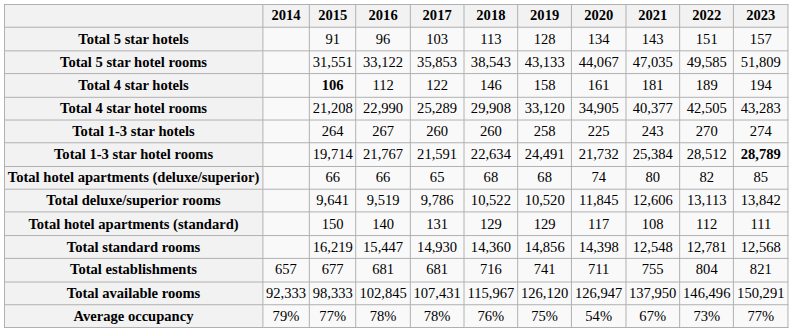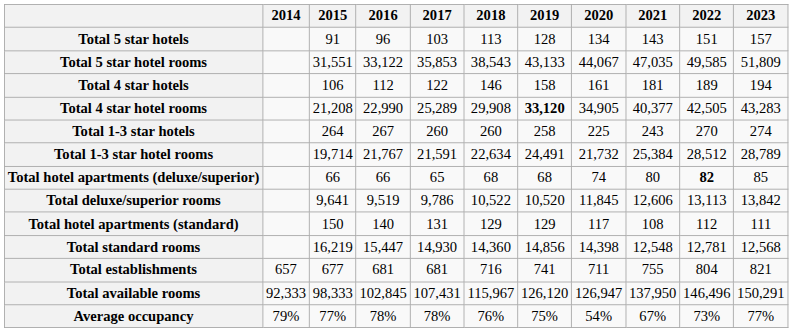 <table class="wikitable" style="float:center; text-align:center;">
 <tr>
 <th></th>
 <th>2014</th>
 <th>2015</th>
 <th>2016</th>
 <th>2017</th>
 <th>2018</th>
 <th>2019</th>
 <th>2020</th>
 <th>2021</th>
 <th>2022</th>
 <th>2023</th>
 </tr>
 <tr>
 <th>Total 5 star hotels</th>
 <td></td>
 <td>91</td>
 <td>96</td>
 <td>103</td>
 <td>113</td>
 <td>128</td>
 <td>134</td>
 <td>143</td>
 <td>151</td>
 <td>157</td>
 </tr>
 <tr>
 <th>Total 5 star hotel rooms</th>
 <td></td>
 <td>31,551</td>
 <td>33,122</td>
 <td>35,853</td>
 <td>38,543</td>
 <td>43,133</td>
 <td>44,067</td>
 <td>47,035</td>
 <td>49,585</td>
 <td>51,809</td>
 </tr>
 <tr>
 <th>Total 4 star hotels</th>
 <td></td>
-<td><strong>106</strong></td>
+<td>106</td>
 <td>112</td>
 <td>122</td>
 <td>146</td>
 <td>158</td>
 <td>161</td>
 <td>181</td>
 <td>189</td>
 <td>194</td>
 </tr>
 <tr>
 <th>Total 4 star hotel rooms</th>
 <td></td>
 <td>21,208</td>
 <td>22,990</td>
 <td>25,289</td>
 <td>29,908</td>
-<td>33,120</td>
+<td><strong>33,120</strong></td>
 <td>34,905</td>
 <td>40,377</td>
 <td>42,505</td>
 <td>43,283</td>
 </tr>
 <tr>
 <th>Total 1-3 star hotels</th>
 <td></td>
 <td>264</td>
 <td>267</td>
 <td>260</td>
 <td>260</td>
 <td>258</td>
 <td>225</td>
 <td>243</td>
 <td>270</td>
 <td>274</td>
 </tr>
 <tr>
 <th>Total 1-3 star hotel rooms</th>
 <td></td>
 <td>19,714</td>
 <td>21,767</td>
 <td>21,591</td>
 <td>22,634</td>
 <td>24,491</td>
 <td>21,732</td>
 <td>25,384</td>
 <td>28,512</td>
-<td><strong>28,789</strong></td>
+<td>28,789</td>
 </tr>
 <tr>
 <th>Total hotel apartments (deluxe/superior)</th>
 <td></td>
 <td>66</td>
 <td>66</td>
 <td>65</td>
 <td>68</td>
 <td>68</td>
 <td>74</td>
 <td>80</td>
-<td>82</td>
+<td><strong>82</strong></td>
 <td>85</td>
 </tr>
 <tr>
 <th>Total deluxe/superior rooms</th>
 <td></td>
 <td>9,641</td>
 <td>9,519</td>
 <td>9,786</td>
 <td>10,522</td>
 <td>10,520</td>
 <td>11,845</td>
 <td>12,606</td>
 <td>13,113</td>
 <td>13,842</td>
 </tr>
 <tr>
 <th>Total hotel apartments (standard)</th>
 <td></td>
 <td>150</td>
 <td>140</td>
 <td>131</td>
 <td>129</td>
 <td>129</td>
 <td>117</td>
 <td>108</td>
 <td>112</td>
 <td>111</td>
 </tr>
 <tr>
 <th>Total standard rooms</th>
 <td></td>
 <td>16,219</td>
 <td>15,447</td>
 <td>14,930</td>
 <td>14,360</td>
 <td>14,856</td>
 <td>14,398</td>
 <td>12,548</td>
 <td>12,781</td>
 <td>12,568</td>
 </tr>
 <tr>
 <th>Total establishments</th>
 <td>657</td>
 <td>677</td>
 <td>681</td>
 <td>681</td>
 <td>716</td>
 <td>741</td>
 <td>711</td>
 <td>755</td>
 <td>804</td>
 <td>821</td>
 </tr>
 <tr>
 <th>Total available rooms</th>
 <td>92,333</td>
 <td>98,333</td>
 <td>102,845</td>
 <td>107,431</td>
 <td>115,967</td>
 <td>126,120</td>
 <td>126,947</td>
 <td>137,950</td>
 <td>146,496</td>
 <td>150,291</td>
 </tr>
 <tr>
 <th>Average occupancy</th>
 <td>79%</td>
 <td>77%</td>
 <td>78%</td>
 <td>78%</td>
 <td>76%</td>
 <td>75%</td>
 <td>54%</td>
 <td>67%</td>
 <td>73%</td>
 <td>77%</td>
 </tr>
 </table>
